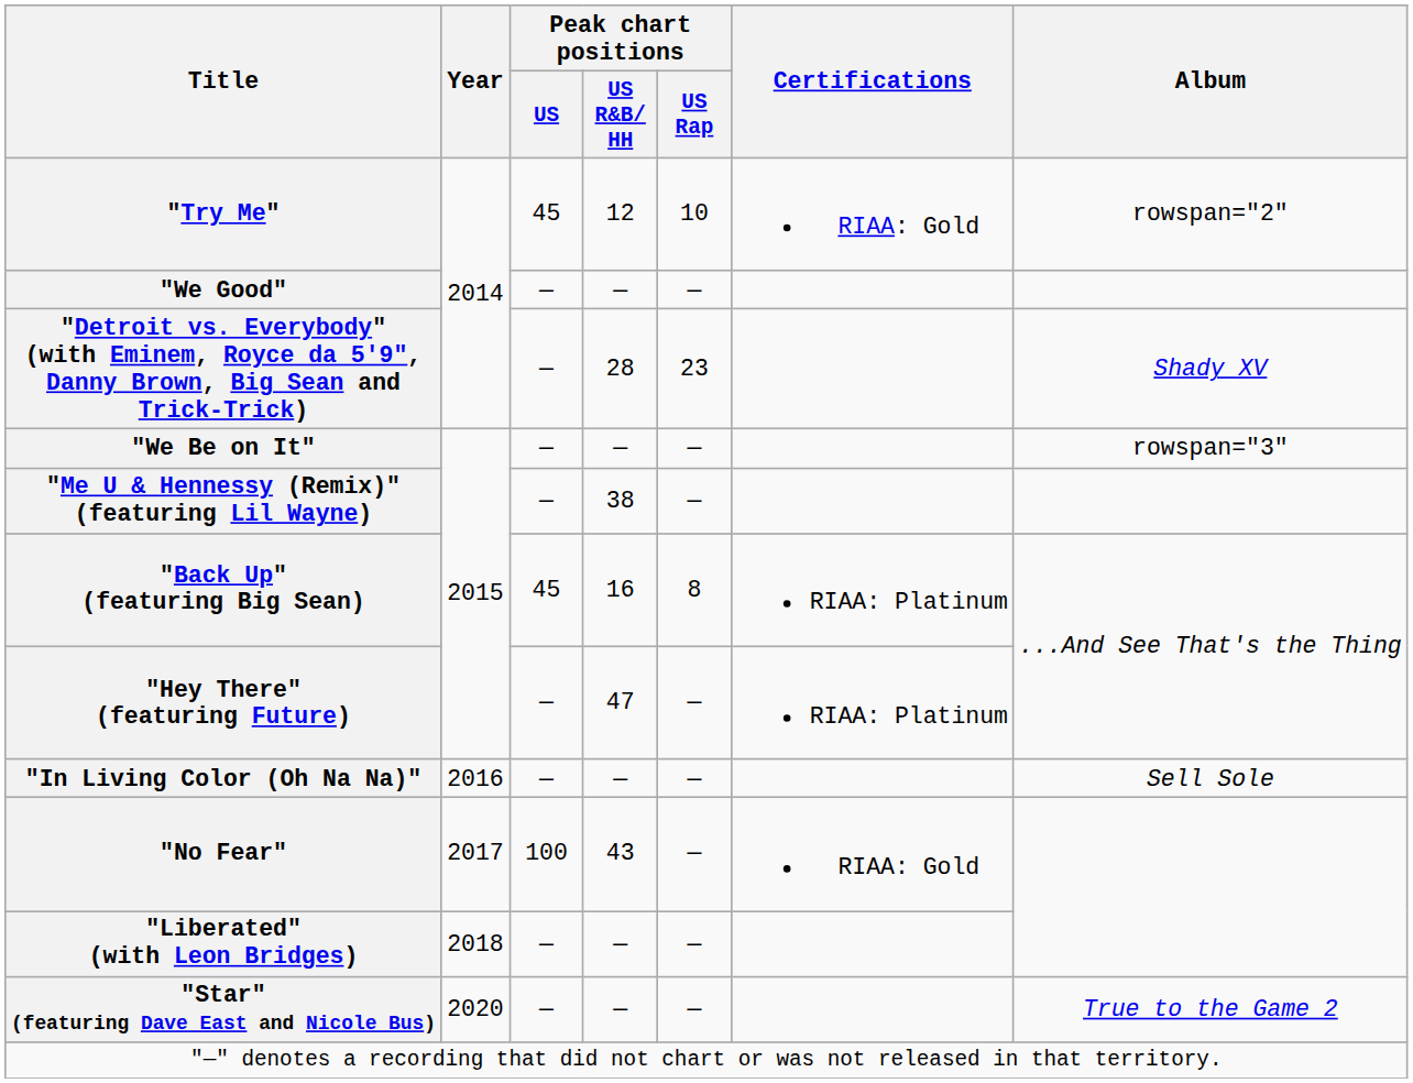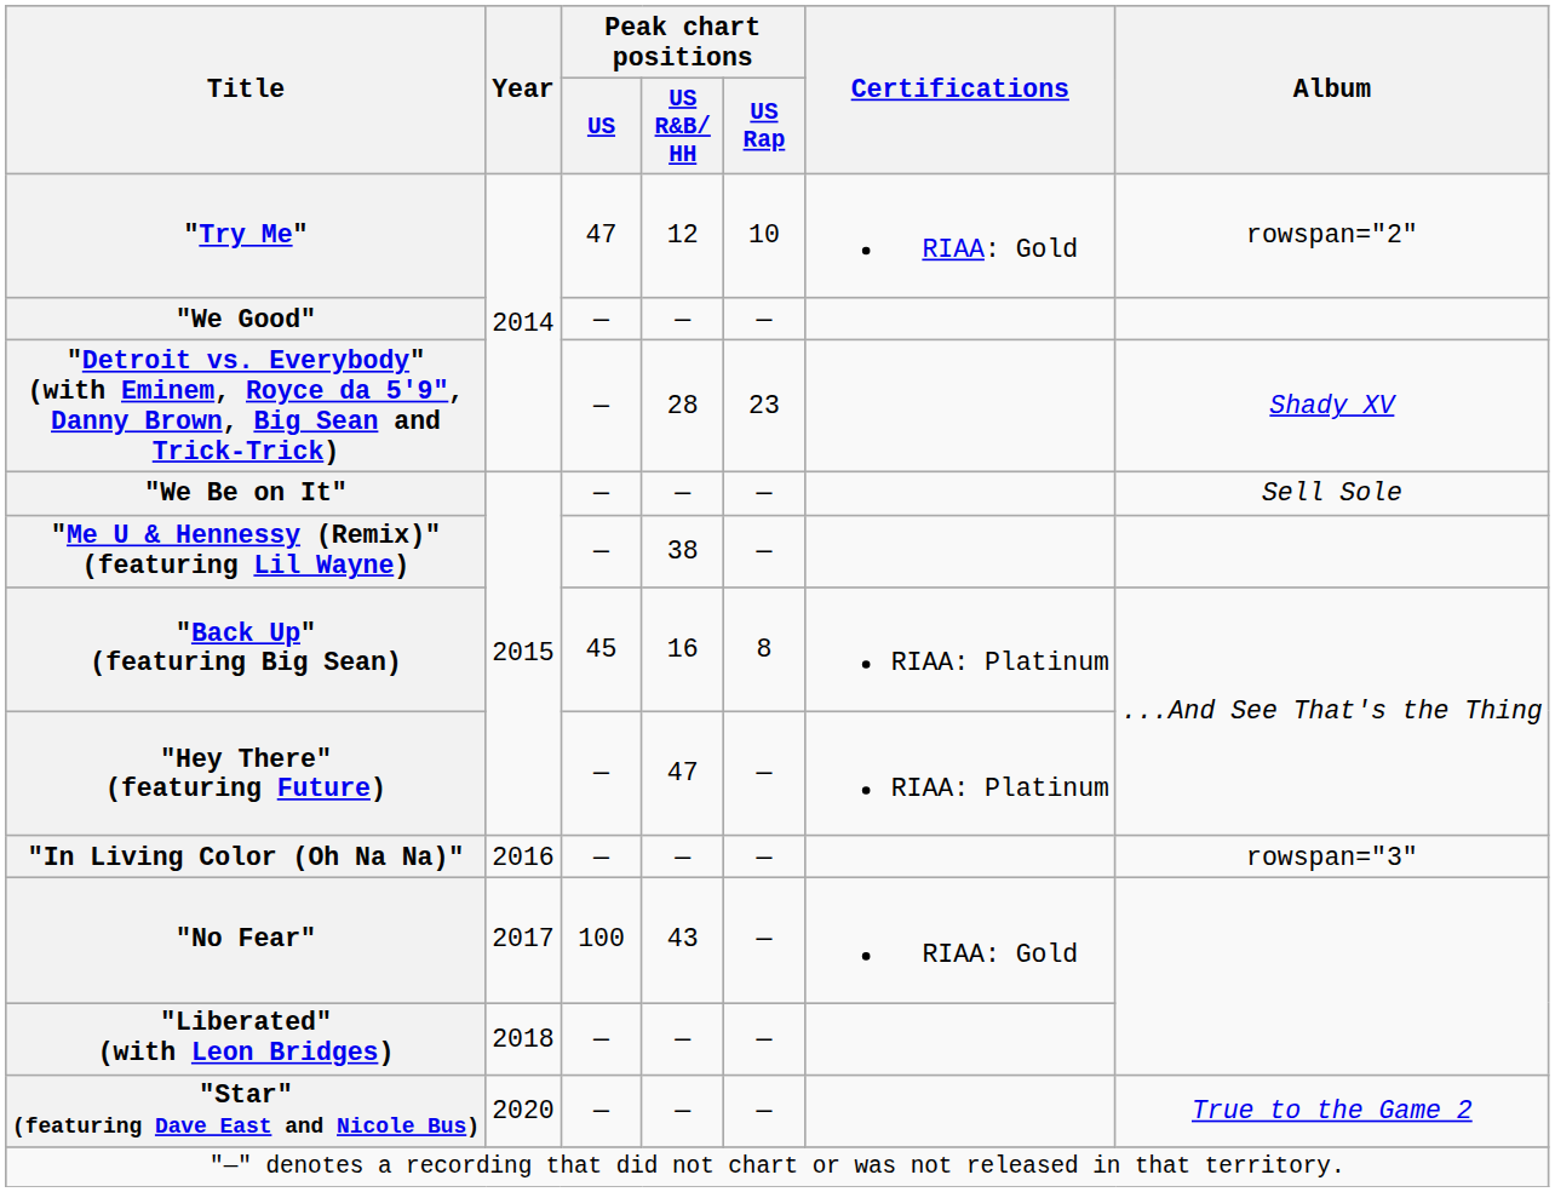 <table class="wikitable plainrowheaders" style="text-align:center;">
 <tr>
 <th scope="col" rowspan="2" style="width:18em">Title</th>
 <th scope="col" rowspan="2">Year</th>
 <th scope="col" colspan="3">Peak chart positions</th>
 <th scope="col" rowspan="2"><a href='#'>Certifications</a></th>
 <th scope="col" rowspan="2">Album</th>
 </tr>
 <tr>
 <th scope="col" style="width:3em;font-size:90%;"><a href='#'>US</a><br></th>
 <th scope="col" style="width:3em;font-size:90%;"><a href='#'>US<br>R&B/<br>HH</a><br></th>
 <th scope="col" style="width:3em;font-size:90%;"><a href='#'>US<br>Rap</a><br></th>
 </tr>
 <tr>
 <th scope="row">"<a href='#'>Try Me</a>"</th>
 <td rowspan="3">2014</td>
-<td>45</td>
+<td>47</td>
 <td>12</td>
 <td>10</td>
 <td><br><ul><li><a href='#'>RIAA</a>: Gold</li></ul></td>
 <td>rowspan="2" </td>
 </tr>
 <tr>
 <th scope="row">"We Good"</th>
 <td>—</td>
 <td>—</td>
 <td>—</td>
 <td></td>
 </tr>
 <tr>
 <th scope="row">"<a href='#'>Detroit vs. Everybody</a>"<br><span>(with <a href='#'>Eminem</a>, <a href='#'>Royce da 5'9"</a>, <a href='#'>Danny Brown</a>, <a href='#'>Big Sean</a> and <a href='#'>Trick-Trick</a>)</span></th>
 <td>—</td>
 <td>28</td>
 <td>23</td>
 <td></td>
 <td><em><a href='#'>Shady XV</a></em></td>
 </tr>
 <tr>
 <th scope="row">"We Be on It"</th>
 <td rowspan="4">2015</td>
 <td>—</td>
 <td>—</td>
 <td>—</td>
 <td></td>
-<td>rowspan="3" </td>
+<td><em>Sell Sole</em></td>
 </tr>
 <tr>
 <th scope="row">"<a href='#'>Me U & Hennessy</a> (Remix)"<br><span>(featuring <a href='#'>Lil Wayne</a>)</span></th>
 <td>—</td>
 <td>38</td>
 <td>—</td>
 <td></td>
 <td></td>
 </tr>
 <tr>
 <th scope="row">"<a href='#'>Back Up</a>"<br><span>(featuring Big Sean)</span></th>
 <td>45</td>
 <td>16</td>
 <td>8</td>
 <td><br><ul><li>RIAA: Platinum</li></ul></td>
 <td rowspan="2"><em>...And See That's the Thing</em></td>
 </tr>
 <tr>
 <th scope="row">"Hey There"<br><span>(featuring <a href='#'>Future</a>)</span></th>
 <td>—</td>
 <td>47</td>
 <td>—</td>
 <td><br><ul><li>RIAA: Platinum</li></ul></td>
 </tr>
 <tr>
 <th scope="row">"In Living Color (Oh Na Na)"</th>
 <td>2016</td>
 <td>—</td>
 <td>—</td>
 <td>—</td>
 <td></td>
-<td><em>Sell Sole</em></td>
+<td>rowspan="3" </td>
 </tr>
 <tr>
 <th scope="row">"No Fear"</th>
 <td>2017</td>
 <td>100</td>
 <td>43</td>
 <td>—</td>
 <td><br><ul><li>RIAA: Gold</li></ul></td>
 </tr>
 <tr>
 <th scope="row">"Liberated"<br><span>(with <a href='#'>Leon Bridges</a>)</span></th>
 <td>2018</td>
 <td>—</td>
 <td>—</td>
 <td>—</td>
 <td></td>
 </tr>
 <tr>
 <th scope="row">"Star"<br><small>(featuring <a href='#'>Dave East</a> and <a href='#'>Nicole Bus</a>)</small></th>
 <td>2020</td>
 <td>—</td>
 <td>—</td>
 <td>—</td>
 <td></td>
 <td><em><a href='#'>True to the Game 2</a></em></td>
 </tr>
 <tr>
 <td colspan="7" style="font-size:90%">"—" denotes a recording that did not chart or was not released in that territory.</td>
 </tr>
 </table>
